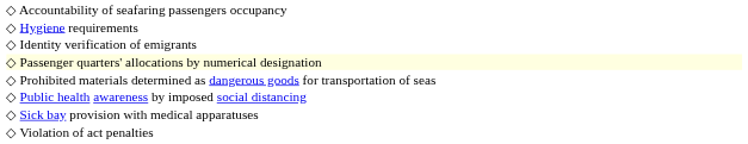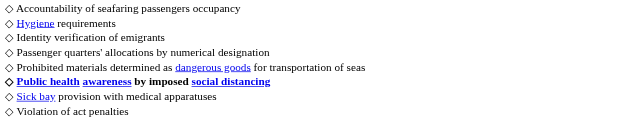 <table style="border:0px solid gray; align:left; width:70%" cellspacing=2 cellpadding=0>
 <tr>
 <td>◇ Accountability of seafaring passengers occupancy</td>
 </tr>
 <tr>
 <td>◇ <a href='#'>Hygiene</a> requirements</td>
 </tr>
 <tr>
 <td>◇ Identity verification of emigrants</td>
 </tr>
 <tr>
-<td style="background: lightyellow;">◇ Passenger quarters' allocations by numerical designation</td>
+<td>◇ Passenger quarters' allocations by numerical designation</td>
 </tr>
 <tr>
 <td>◇ Prohibited materials determined as <a href='#'>dangerous goods</a> for transportation of seas</td>
 </tr>
 <tr>
-<td>◇ <a href='#'>Public health</a> <a href='#'>awareness</a> by imposed <a href='#'>social distancing</a></td>
+<td><strong>◇ <a href='#'>Public health</a> <a href='#'>awareness</a> by imposed <a href='#'>social distancing</a></strong></td>
 </tr>
 <tr>
 <td>◇ <a href='#'>Sick bay</a> provision with medical apparatuses</td>
 </tr>
 <tr>
 <td>◇ Violation of act penalties</td>
 </tr>
 </table>
